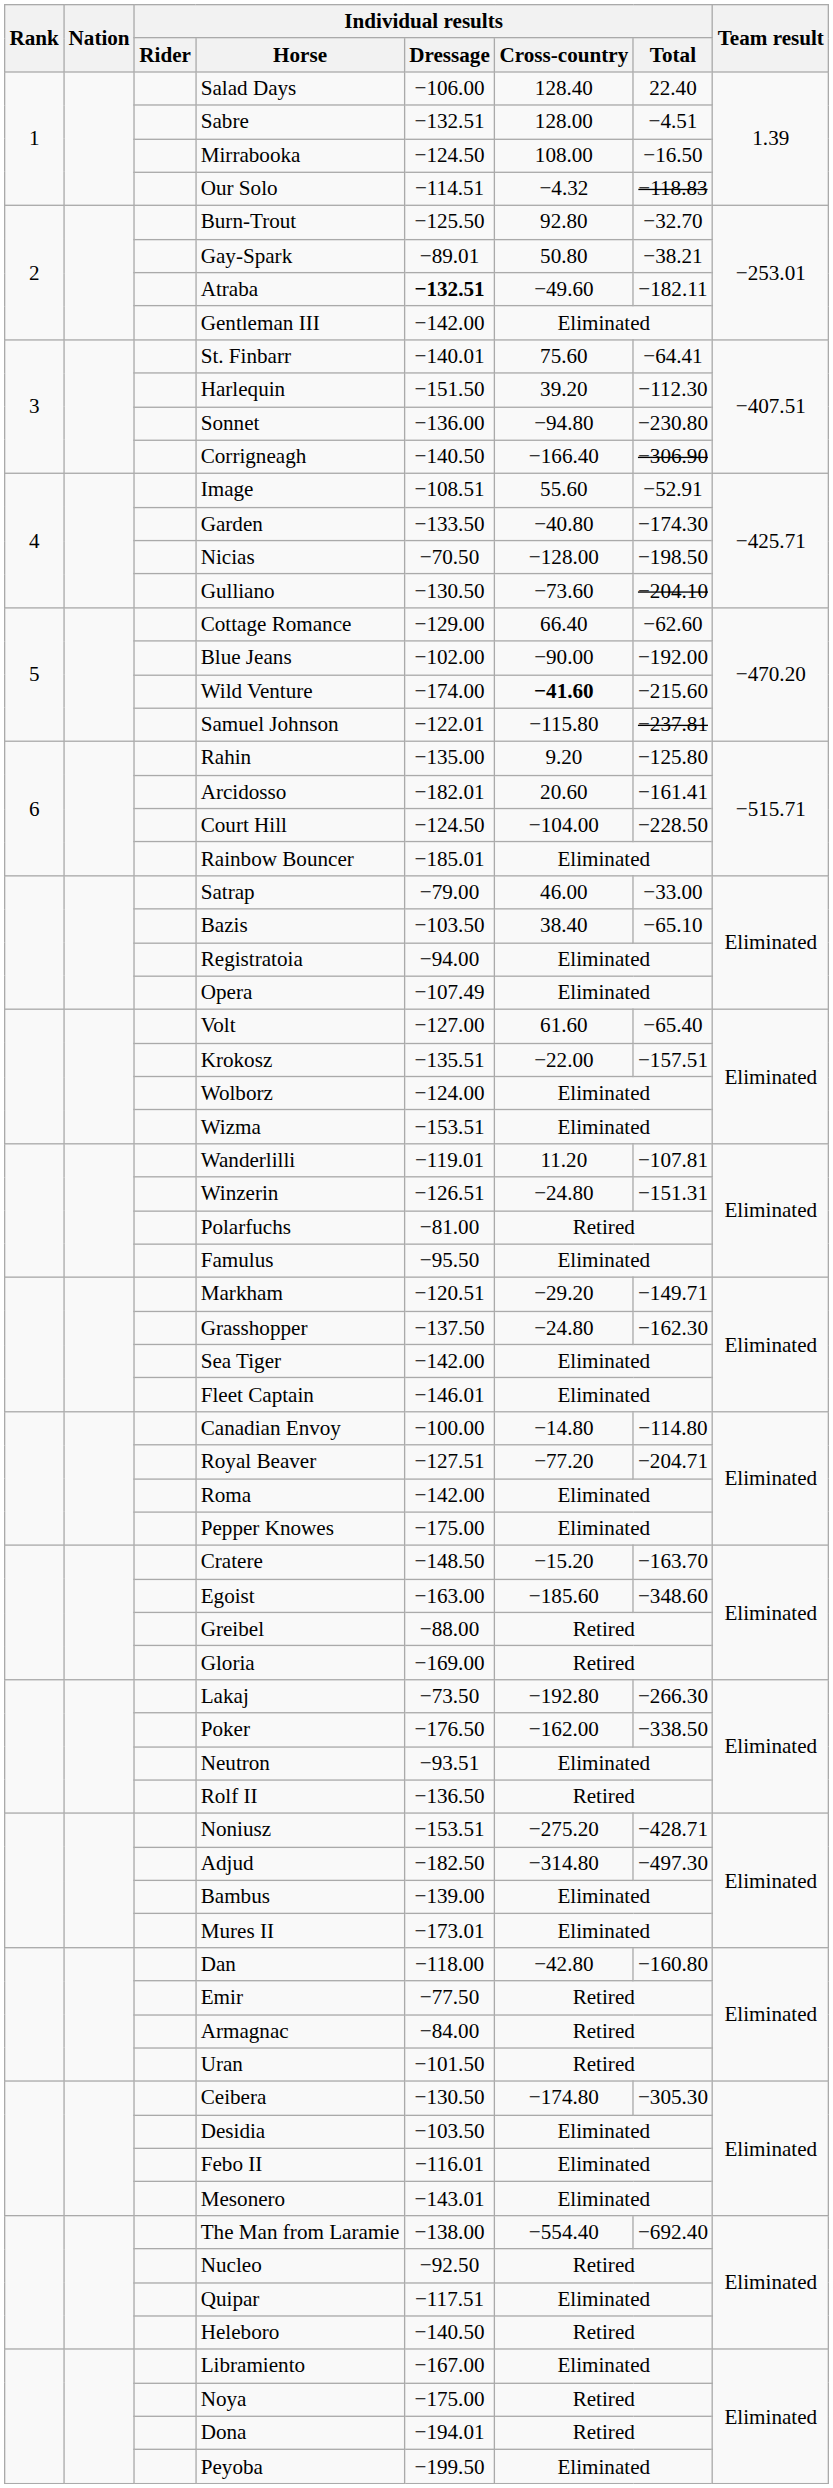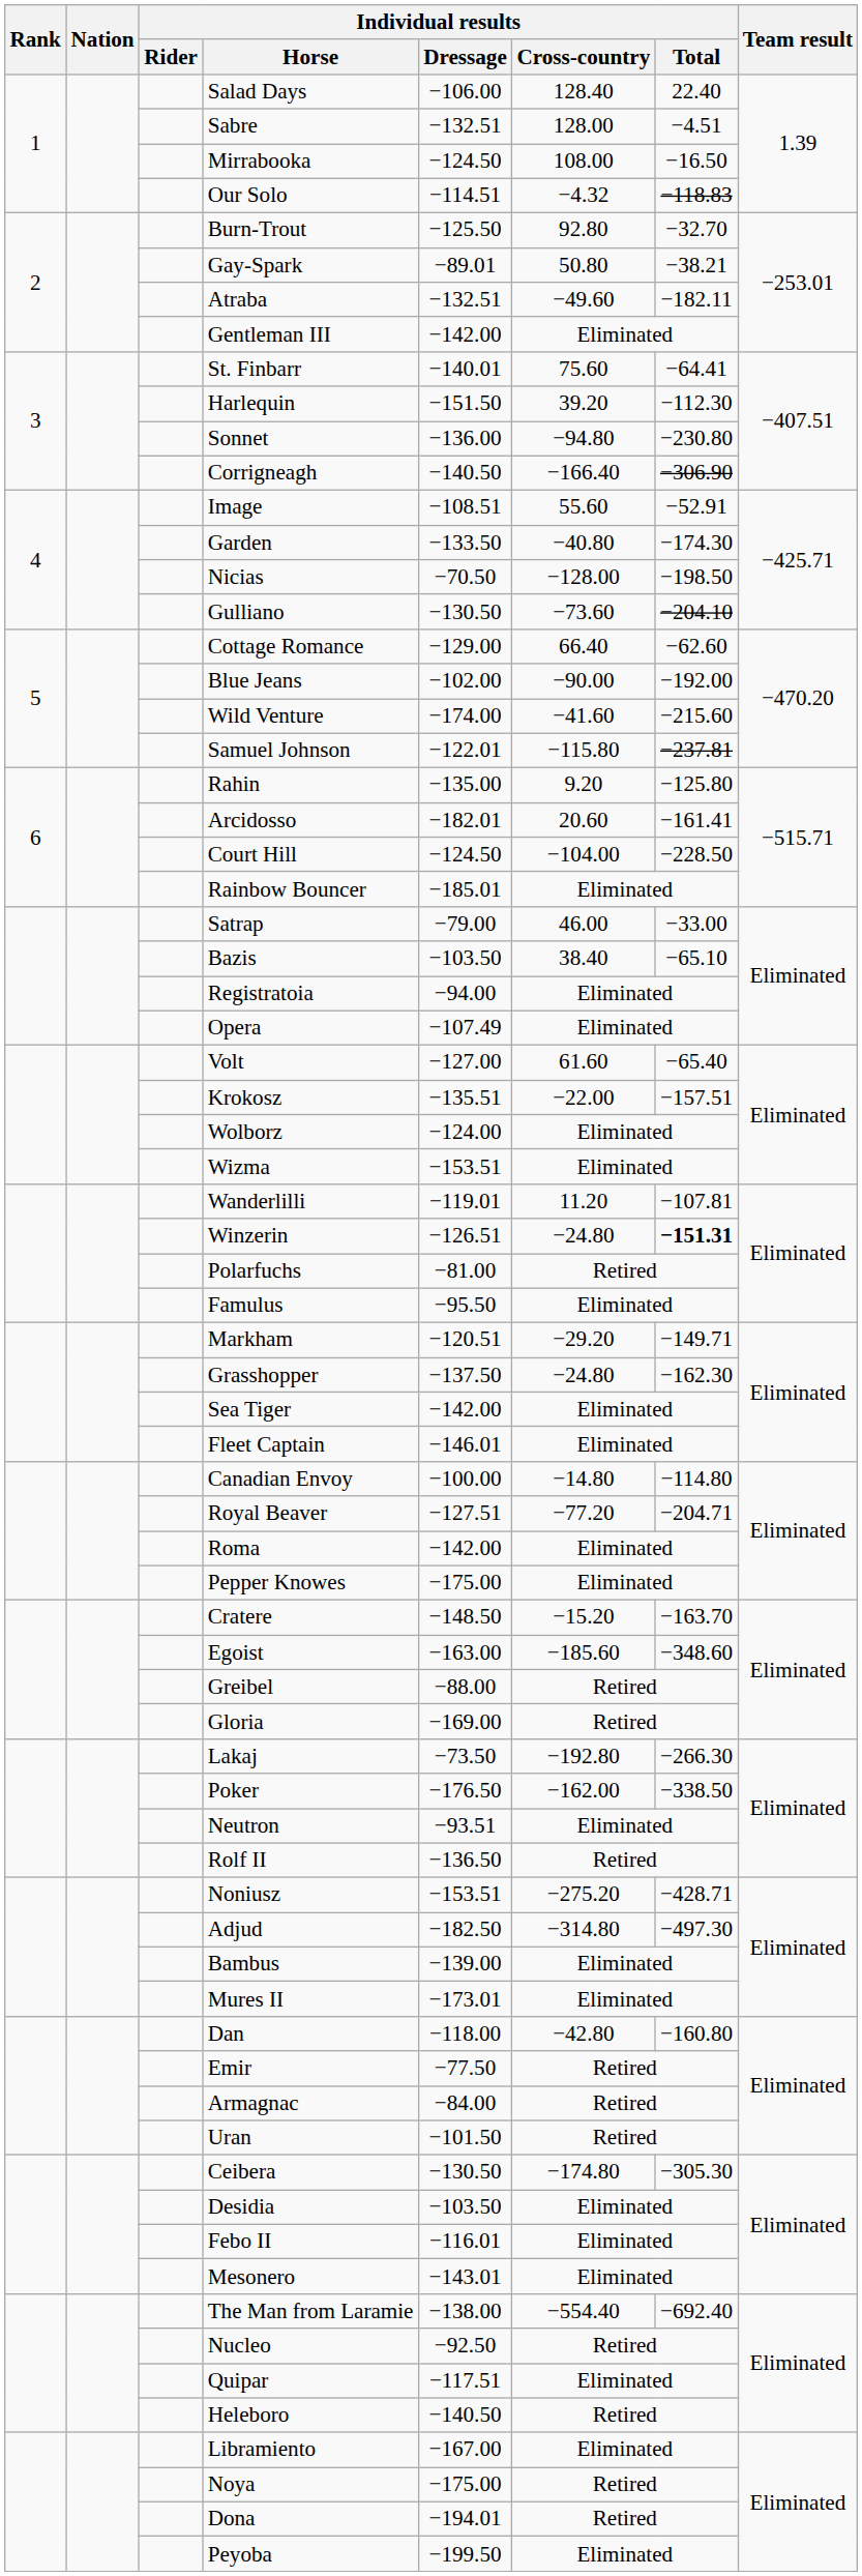 <table class="wikitable sortable" style="text-align:center">
 <tr>
 <th rowspan=2>Rank</th>
 <th rowspan=2>Nation</th>
 <th colspan=5>Individual results</th>
 <th rowspan=2>Team result</th>
 </tr>
 <tr>
 <th>Rider</th>
 <th>Horse</th>
 <th>Dressage</th>
 <th>Cross-country</th>
 <th>Total</th>
 </tr>
 <tr>
 <td rowspan=4>1</td>
 <td rowspan=4 align=left></td>
 <td align=left></td>
 <td align=left>Salad Days</td>
 <td>−106.00</td>
 <td>128.40</td>
 <td>22.40</td>
 <td rowspan=4>1.39</td>
 </tr>
 <tr>
 <td align=left></td>
 <td align=left>Sabre</td>
 <td>−132.51</td>
 <td>128.00</td>
 <td>−4.51</td>
 </tr>
 <tr>
 <td align=left></td>
 <td align=left>Mirrabooka</td>
 <td>−124.50</td>
 <td>108.00</td>
 <td>−16.50</td>
 </tr>
 <tr>
 <td align=left></td>
 <td align=left>Our Solo</td>
 <td>−114.51</td>
 <td>−4.32</td>
 <td><s>−118.83</s></td>
 </tr>
 <tr>
 <td rowspan=4>2</td>
 <td rowspan=4 align=left></td>
 <td align=left></td>
 <td align=left>Burn-Trout</td>
 <td>−125.50</td>
 <td>92.80</td>
 <td>−32.70</td>
 <td rowspan=4>−253.01</td>
 </tr>
 <tr>
 <td align=left></td>
 <td align=left>Gay-Spark</td>
 <td>−89.01</td>
 <td>50.80</td>
 <td>−38.21</td>
 </tr>
 <tr>
 <td align=left></td>
 <td align=left>Atraba</td>
-<td><strong>−132.51</strong></td>
+<td>−132.51</td>
 <td>−49.60</td>
 <td>−182.11</td>
 </tr>
 <tr>
 <td align=left></td>
 <td align=left>Gentleman III</td>
 <td>−142.00</td>
 <td colspan=2>Eliminated</td>
 </tr>
 <tr>
 <td rowspan=4>3</td>
 <td rowspan=4 align=left></td>
 <td align=left></td>
 <td align=left>St. Finbarr</td>
 <td>−140.01</td>
 <td>75.60</td>
 <td>−64.41</td>
 <td rowspan=4>−407.51</td>
 </tr>
 <tr>
 <td align=left></td>
 <td align=left>Harlequin</td>
 <td>−151.50</td>
 <td>39.20</td>
 <td>−112.30</td>
 </tr>
 <tr>
 <td align=left></td>
 <td align=left>Sonnet</td>
 <td>−136.00</td>
 <td>−94.80</td>
 <td>−230.80</td>
 </tr>
 <tr>
 <td align=left></td>
 <td align=left>Corrigneagh</td>
 <td>−140.50</td>
 <td>−166.40</td>
 <td><s>−306.90</s></td>
 </tr>
 <tr>
 <td rowspan=4>4</td>
 <td rowspan=4 align=left></td>
 <td align=left></td>
 <td align=left>Image</td>
 <td>−108.51</td>
 <td>55.60</td>
 <td>−52.91</td>
 <td rowspan=4>−425.71</td>
 </tr>
 <tr>
 <td align=left></td>
 <td align=left>Garden</td>
 <td>−133.50</td>
 <td>−40.80</td>
 <td>−174.30</td>
 </tr>
 <tr>
 <td align=left></td>
 <td align=left>Nicias</td>
 <td>−70.50</td>
 <td>−128.00</td>
 <td>−198.50</td>
 </tr>
 <tr>
 <td align=left></td>
 <td align=left>Gulliano</td>
 <td>−130.50</td>
 <td>−73.60</td>
 <td><s>−204.10</s></td>
 </tr>
 <tr>
 <td rowspan=4>5</td>
 <td rowspan=4 align=left></td>
 <td align=left></td>
 <td align=left>Cottage Romance</td>
 <td>−129.00</td>
 <td>66.40</td>
 <td>−62.60</td>
 <td rowspan=4>−470.20</td>
 </tr>
 <tr>
 <td align=left></td>
 <td align=left>Blue Jeans</td>
 <td>−102.00</td>
 <td>−90.00</td>
 <td>−192.00</td>
 </tr>
 <tr>
 <td align=left></td>
 <td align=left>Wild Venture</td>
 <td>−174.00</td>
-<td><strong>−41.60</strong></td>
+<td>−41.60</td>
 <td>−215.60</td>
 </tr>
 <tr>
 <td align=left></td>
 <td align=left>Samuel Johnson</td>
 <td>−122.01</td>
 <td>−115.80</td>
 <td><s>−237.81</s></td>
 </tr>
 <tr>
 <td rowspan=4>6</td>
 <td rowspan=4 align=left></td>
 <td align=left></td>
 <td align=left>Rahin</td>
 <td>−135.00</td>
 <td>9.20</td>
 <td>−125.80</td>
 <td rowspan=4>−515.71</td>
 </tr>
 <tr>
 <td align=left></td>
 <td align=left>Arcidosso</td>
 <td>−182.01</td>
 <td>20.60</td>
 <td>−161.41</td>
 </tr>
 <tr>
 <td align=left></td>
 <td align=left>Court Hill</td>
 <td>−124.50</td>
 <td>−104.00</td>
 <td>−228.50</td>
 </tr>
 <tr>
 <td align=left></td>
 <td align=left>Rainbow Bouncer</td>
 <td>−185.01</td>
 <td colspan=2>Eliminated</td>
 </tr>
 <tr>
 <td rowspan=4></td>
 <td rowspan=4 align=left></td>
 <td align=left></td>
 <td align=left>Satrap</td>
 <td>−79.00</td>
 <td>46.00</td>
 <td>−33.00</td>
 <td rowspan=4>Eliminated</td>
 </tr>
 <tr>
 <td align=left></td>
 <td align=left>Bazis</td>
 <td>−103.50</td>
 <td>38.40</td>
 <td>−65.10</td>
 </tr>
 <tr>
 <td align=left></td>
 <td align=left>Registratoia</td>
 <td>−94.00</td>
 <td colspan=2>Eliminated</td>
 </tr>
 <tr>
 <td align=left></td>
 <td align=left>Opera</td>
 <td>−107.49</td>
 <td colspan=2>Eliminated</td>
 </tr>
 <tr>
 <td rowspan=4></td>
 <td rowspan=4 align=left></td>
 <td align=left></td>
 <td align=left>Volt</td>
 <td>−127.00</td>
 <td>61.60</td>
 <td>−65.40</td>
 <td rowspan=4>Eliminated</td>
 </tr>
 <tr>
 <td align=left></td>
 <td align=left>Krokosz</td>
 <td>−135.51</td>
 <td>−22.00</td>
 <td>−157.51</td>
 </tr>
 <tr>
 <td align=left></td>
 <td align=left>Wolborz</td>
 <td>−124.00</td>
 <td colspan=2>Eliminated</td>
 </tr>
 <tr>
 <td align=left></td>
 <td align=left>Wizma</td>
 <td>−153.51</td>
 <td colspan=2>Eliminated</td>
 </tr>
 <tr>
 <td rowspan=4></td>
 <td rowspan=4 align=left></td>
 <td align=left></td>
 <td align=left>Wanderlilli</td>
 <td>−119.01</td>
 <td>11.20</td>
 <td>−107.81</td>
 <td rowspan=4>Eliminated</td>
 </tr>
 <tr>
 <td align=left></td>
 <td align=left>Winzerin</td>
 <td>−126.51</td>
 <td>−24.80</td>
-<td>−151.31</td>
+<td><strong>−151.31</strong></td>
 </tr>
 <tr>
 <td align=left></td>
 <td align=left>Polarfuchs</td>
 <td>−81.00</td>
 <td colspan=2>Retired</td>
 </tr>
 <tr>
 <td align=left></td>
 <td align=left>Famulus</td>
 <td>−95.50</td>
 <td colspan=2>Eliminated</td>
 </tr>
 <tr>
 <td rowspan=4></td>
 <td rowspan=4 align=left></td>
 <td align=left></td>
 <td align=left>Markham</td>
 <td>−120.51</td>
 <td>−29.20</td>
 <td>−149.71</td>
 <td rowspan=4>Eliminated</td>
 </tr>
 <tr>
 <td align=left></td>
 <td align=left>Grasshopper</td>
 <td>−137.50</td>
 <td>−24.80</td>
 <td>−162.30</td>
 </tr>
 <tr>
 <td align=left></td>
 <td align=left>Sea Tiger</td>
 <td>−142.00</td>
 <td colspan=2>Eliminated</td>
 </tr>
 <tr>
 <td align=left></td>
 <td align=left>Fleet Captain</td>
 <td>−146.01</td>
 <td colspan=2>Eliminated</td>
 </tr>
 <tr>
 <td rowspan=4></td>
 <td rowspan=4 align=left></td>
 <td align=left></td>
 <td align=left>Canadian Envoy</td>
 <td>−100.00</td>
 <td>−14.80</td>
 <td>−114.80</td>
 <td rowspan=4>Eliminated</td>
 </tr>
 <tr>
 <td align=left></td>
 <td align=left>Royal Beaver</td>
 <td>−127.51</td>
 <td>−77.20</td>
 <td>−204.71</td>
 </tr>
 <tr>
 <td align=left></td>
 <td align=left>Roma</td>
 <td>−142.00</td>
 <td colspan=2>Eliminated</td>
 </tr>
 <tr>
 <td align=left></td>
 <td align=left>Pepper Knowes</td>
 <td>−175.00</td>
 <td colspan=2>Eliminated</td>
 </tr>
 <tr>
 <td rowspan=4></td>
 <td rowspan=4 align=left></td>
 <td align=left></td>
 <td align=left>Cratere</td>
 <td>−148.50</td>
 <td>−15.20</td>
 <td>−163.70</td>
 <td rowspan=4>Eliminated</td>
 </tr>
 <tr>
 <td align=left></td>
 <td align=left>Egoist</td>
 <td>−163.00</td>
 <td>−185.60</td>
 <td>−348.60</td>
 </tr>
 <tr>
 <td align=left></td>
 <td align=left>Greibel</td>
 <td>−88.00</td>
 <td colspan=2>Retired</td>
 </tr>
 <tr>
 <td align=left></td>
 <td align=left>Gloria</td>
 <td>−169.00</td>
 <td colspan=2>Retired</td>
 </tr>
 <tr>
 <td rowspan=4></td>
 <td rowspan=4 align=left></td>
 <td align=left></td>
 <td align=left>Lakaj</td>
 <td>−73.50</td>
 <td>−192.80</td>
 <td>−266.30</td>
 <td rowspan=4>Eliminated</td>
 </tr>
 <tr>
 <td align=left></td>
 <td align=left>Poker</td>
 <td>−176.50</td>
 <td>−162.00</td>
 <td>−338.50</td>
 </tr>
 <tr>
 <td align=left></td>
 <td align=left>Neutron</td>
 <td>−93.51</td>
 <td colspan=2>Eliminated</td>
 </tr>
 <tr>
 <td align=left></td>
 <td align=left>Rolf II</td>
 <td>−136.50</td>
 <td colspan=2>Retired</td>
 </tr>
 <tr>
 <td rowspan=4></td>
 <td rowspan=4 align=left></td>
 <td align=left></td>
 <td align=left>Noniusz</td>
 <td>−153.51</td>
 <td>−275.20</td>
 <td>−428.71</td>
 <td rowspan=4>Eliminated</td>
 </tr>
 <tr>
 <td align=left></td>
 <td align=left>Adjud</td>
 <td>−182.50</td>
 <td>−314.80</td>
 <td>−497.30</td>
 </tr>
 <tr>
 <td align=left></td>
 <td align=left>Bambus</td>
 <td>−139.00</td>
 <td colspan=2>Eliminated</td>
 </tr>
 <tr>
 <td align=left></td>
 <td align=left>Mures II</td>
 <td>−173.01</td>
 <td colspan=2>Eliminated</td>
 </tr>
 <tr>
 <td rowspan=4></td>
 <td rowspan=4 align=left></td>
 <td align=left></td>
 <td align=left>Dan</td>
 <td>−118.00</td>
 <td>−42.80</td>
 <td>−160.80</td>
 <td rowspan=4>Eliminated</td>
 </tr>
 <tr>
 <td align=left></td>
 <td align=left>Emir</td>
 <td>−77.50</td>
 <td colspan=2>Retired</td>
 </tr>
 <tr>
 <td align=left></td>
 <td align=left>Armagnac</td>
 <td>−84.00</td>
 <td colspan=2>Retired</td>
 </tr>
 <tr>
 <td align=left></td>
 <td align=left>Uran</td>
 <td>−101.50</td>
 <td colspan=2>Retired</td>
 </tr>
 <tr>
 <td rowspan=4></td>
 <td rowspan=4 align=left></td>
 <td align=left></td>
 <td align=left>Ceibera</td>
 <td>−130.50</td>
 <td>−174.80</td>
 <td>−305.30</td>
 <td rowspan=4>Eliminated</td>
 </tr>
 <tr>
 <td align=left></td>
 <td align=left>Desidia</td>
 <td>−103.50</td>
 <td colspan=2>Eliminated</td>
 </tr>
 <tr>
 <td align=left></td>
 <td align=left>Febo II</td>
 <td>−116.01</td>
 <td colspan=2>Eliminated</td>
 </tr>
 <tr>
 <td align=left></td>
 <td align=left>Mesonero</td>
 <td>−143.01</td>
 <td colspan=2>Eliminated</td>
 </tr>
 <tr>
 <td rowspan=4></td>
 <td rowspan=4 align=left></td>
 <td align=left></td>
 <td align=left>The Man from Laramie</td>
 <td>−138.00</td>
 <td>−554.40</td>
 <td>−692.40</td>
 <td rowspan=4>Eliminated</td>
 </tr>
 <tr>
 <td align=left></td>
 <td align=left>Nucleo</td>
 <td>−92.50</td>
 <td colspan=2>Retired</td>
 </tr>
 <tr>
 <td align=left></td>
 <td align=left>Quipar</td>
 <td>−117.51</td>
 <td colspan=2>Eliminated</td>
 </tr>
 <tr>
 <td align=left></td>
 <td align=left>Heleboro</td>
 <td>−140.50</td>
 <td colspan=2>Retired</td>
 </tr>
 <tr>
 <td rowspan=4></td>
 <td rowspan=4 align=left></td>
 <td align=left></td>
 <td align=left>Libramiento</td>
 <td>−167.00</td>
 <td colspan=2>Eliminated</td>
 <td rowspan=4>Eliminated</td>
 </tr>
 <tr>
 <td align=left></td>
 <td align=left>Noya</td>
 <td>−175.00</td>
 <td colspan=2>Retired</td>
 </tr>
 <tr>
 <td align=left></td>
 <td align=left>Dona</td>
 <td>−194.01</td>
 <td colspan=2>Retired</td>
 </tr>
 <tr>
 <td align=left></td>
 <td align=left>Peyoba</td>
 <td>−199.50</td>
 <td colspan=2>Eliminated</td>
 </tr>
 </table>
